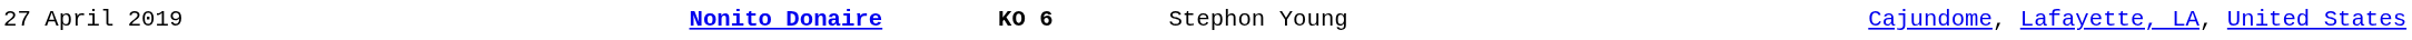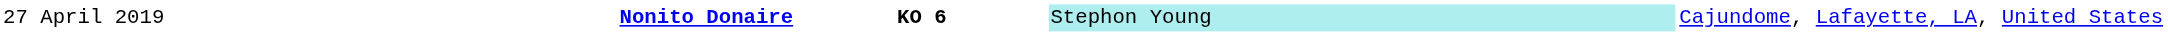 <table cellspacing="1" style="width:100%;">
 <tr>
 <th width="15%"></th>
 <th width="25%"></th>
 <th width="10%"></th>
 <th width="25%"></th>
 </tr>
 <tr style="font-size:100%">
 <td align="right">27 April 2019</td>
 <td align="right"><strong><a href='#'>Nonito Donaire</a> </strong></td>
 <td align="center"><strong>KO 6</strong></td>
-<td> Stephon Young</td>
+<td style="background: paleturquoise;"> Stephon Young</td>
 <td><a href='#'>Cajundome</a>, <a href='#'>Lafayette, LA</a>, <a href='#'>United States</a></td>
 </tr>
 </table>
